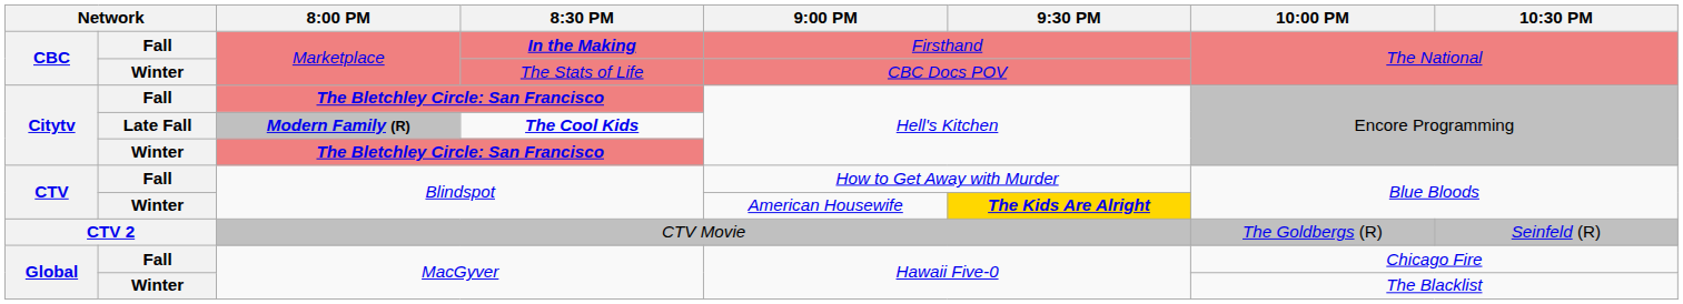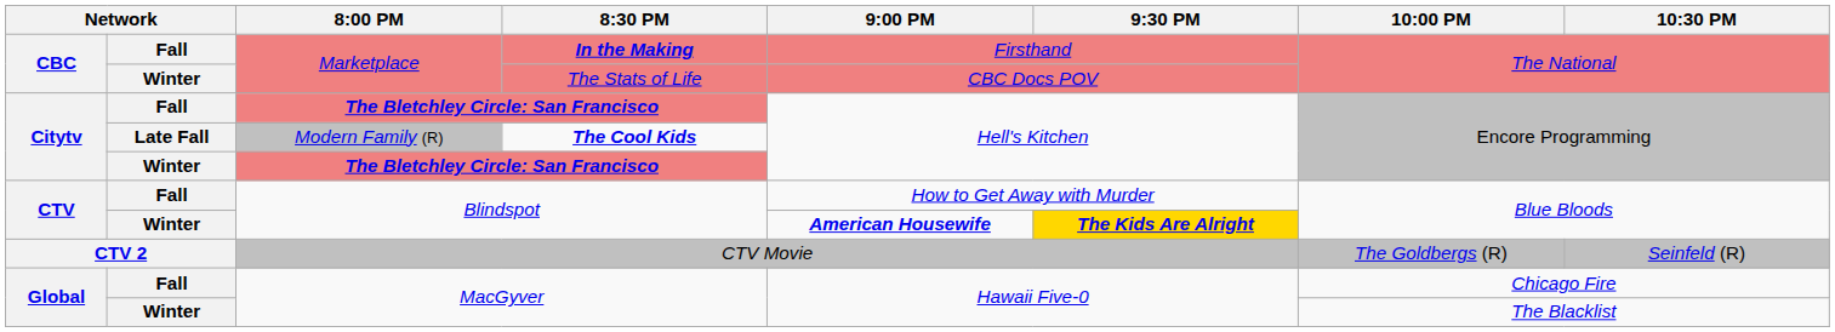 <table class="wikitable" style="width:100%;margin-right:0;text-align:center">
 <tr>
 <th colspan="2" style="width:10%;">Network</th>
 <th style="width:11.5%;">8:00 PM</th>
 <th style="width:11.5%;">8:30 PM</th>
 <th style="width:11.5%;">9:00 PM</th>
 <th style="width:11.5%;">9:30 PM</th>
 <th style="width:11.5%;">10:00 PM</th>
 <th style="width:11.5%;">10:30 PM</th>
 </tr>
 <tr>
 <th rowspan="2"><a href='#'>CBC</a></th>
 <th>Fall</th>
 <td rowspan="2" style="background:#f08080;"><em><a href='#'>Marketplace</a></em></td>
 <td style="background:#f08080;"><strong><em><a href='#'>In the Making</a></em></strong></td>
 <td rowspan="1" colspan="2" style="background:#f08080;"><em><a href='#'>Firsthand</a></em></td>
 <td rowspan="2" colspan="2" style="background:#f08080;"><em><a href='#'>The National</a></em></td>
 </tr>
 <tr>
 <th>Winter</th>
 <td style="background:#f08080;"><em><a href='#'>The Stats of Life</a></em></td>
 <td rowspan="1" colspan="2" style="background:#f08080;"><em><a href='#'>CBC Docs POV</a></em></td>
 </tr>
 <tr>
 <th colspan="1" rowspan="3"><a href='#'>Citytv</a></th>
 <th>Fall</th>
 <td colspan="2" style="background:#f08080;"><strong><em><a href='#'>The Bletchley Circle: San Francisco</a></em></strong></td>
 <td colspan="2" rowspan="3"><em><a href='#'>Hell's Kitchen</a></em></td>
 <td colspan="2" rowspan="3" style="background:silver;">Encore Programming</td>
 </tr>
 <tr>
 <th>Late Fall</th>
-<td style="background:silver;"><strong><em><a href='#'>Modern Family</a></em> <small>(R)</small></strong></td>
+<td style="background:silver;"><em><a href='#'>Modern Family</a></em> <small>(R)</small></td>
 <td><strong><em><a href='#'>The Cool Kids</a></em></strong></td>
 </tr>
 <tr>
 <th>Winter</th>
 <td colspan="2" style="background:#f08080;"><strong><em><a href='#'>The Bletchley Circle: San Francisco</a></em></strong></td>
 </tr>
 <tr>
 <th rowspan="2"><a href='#'>CTV</a></th>
 <th>Fall</th>
 <td rowspan="2" colspan="2"><em><a href='#'>Blindspot</a></em></td>
 <td colspan="2"><em><a href='#'>How to Get Away with Murder</a></em></td>
 <td rowspan="2" colspan="2"><em><a href='#'>Blue Bloods</a></em></td>
 </tr>
 <tr>
 <th>Winter</th>
-<td><em><a href='#'>American Housewife</a></em></td>
+<td><strong><em><a href='#'>American Housewife</a></em></strong></td>
 <td style="background: gold;"><strong><em><a href='#'>The Kids Are Alright</a></em></strong></td>
 </tr>
 <tr>
 <th colspan="2"><a href='#'>CTV 2</a></th>
 <td colspan="4" style="background:silver;"><em>CTV Movie</em></td>
 <td style="background:silver;"><em><a href='#'>The Goldbergs</a></em> (R)</td>
 <td style="background:silver;"><em><a href='#'>Seinfeld</a></em> (R)</td>
 </tr>
 <tr>
 <th colspan="1" rowspan="2"><a href='#'>Global</a></th>
 <th>Fall</th>
 <td colspan="2" rowspan="2"><em><a href='#'>MacGyver</a></em></td>
 <td colspan="2" rowspan="2"><em><a href='#'>Hawaii Five-0</a></em></td>
 <td colspan="2"><em><a href='#'>Chicago Fire</a></em></td>
 </tr>
 <tr>
 <th>Winter</th>
 <td colspan="2"><em><a href='#'>The Blacklist</a></em></td>
 </tr>
 </table>
